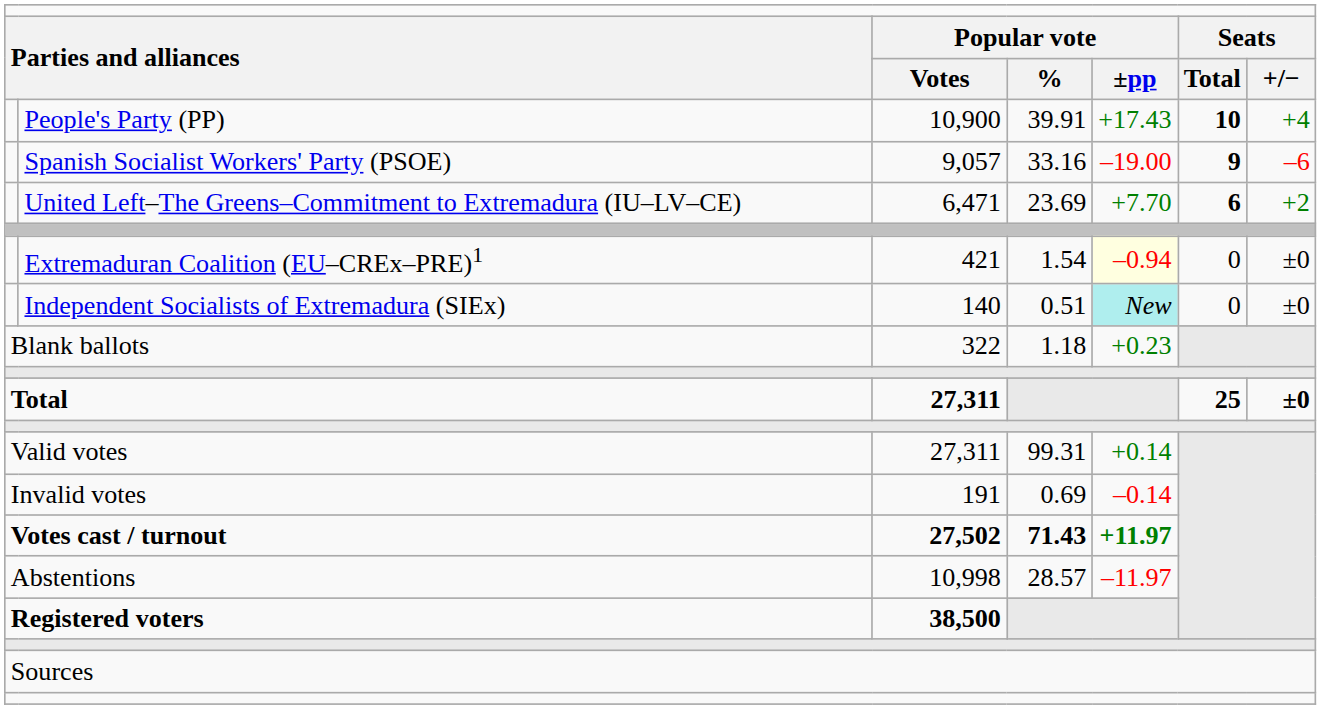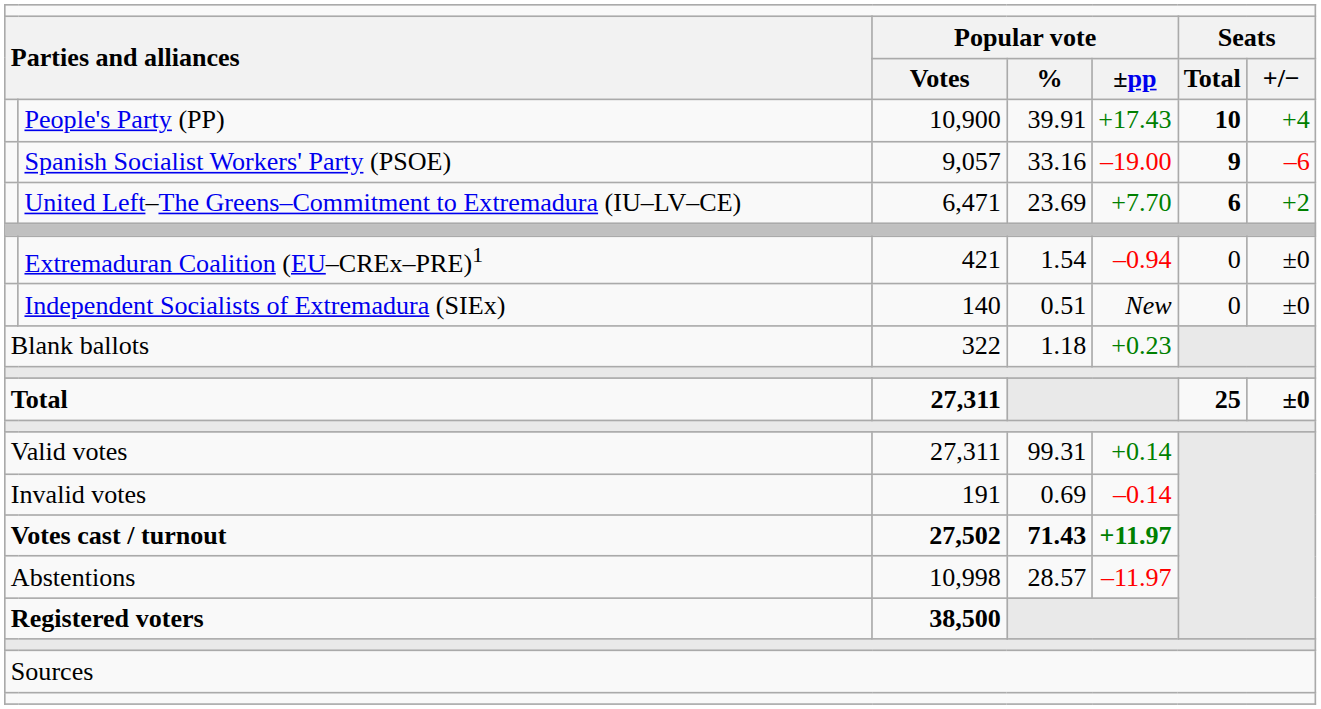 <table class="wikitable" style="text-align:right;">
 <tr>
 <td colspan="7"></td>
 </tr>
 <tr>
 <th style="text-align:left;" rowspan="2" colspan="2" width="525">Parties and alliances</th>
 <th colspan="3">Popular vote</th>
 <th colspan="2">Seats</th>
 </tr>
 <tr>
 <th width="75">Votes</th>
 <th width="45">%</th>
 <th width="45">±<a href='#'>pp</a></th>
 <th width="35">Total</th>
 <th width="35">+/−</th>
 </tr>
 <tr>
 <td width="1" style="color:inherit;background:"></td>
 <td align="left"><a href='#'>People's Party</a> (PP)</td>
 <td>10,900</td>
 <td>39.91</td>
 <td style="color:green;">+17.43</td>
 <td><strong>10</strong></td>
 <td style="color:green;">+4</td>
 </tr>
 <tr>
 <td style="color:inherit;background:"></td>
 <td align="left"><a href='#'>Spanish Socialist Workers' Party</a> (PSOE)</td>
 <td>9,057</td>
 <td>33.16</td>
 <td style="color:red;">–19.00</td>
 <td><strong>9</strong></td>
 <td style="color:red;">–6</td>
 </tr>
 <tr>
 <td style="color:inherit;background:"></td>
 <td align="left"><a href='#'>United Left</a>–<a href='#'>The Greens–Commitment to Extremadura</a> (IU–LV–CE)</td>
 <td>6,471</td>
 <td>23.69</td>
 <td style="color:green;">+7.70</td>
 <td><strong>6</strong></td>
 <td style="color:green;">+2</td>
 </tr>
 <tr>
 <td colspan="7" bgcolor="#C0C0C0"></td>
 </tr>
 <tr>
 <td style="color:inherit;background:"></td>
 <td align="left"><a href='#'>Extremaduran Coalition</a> (<a href='#'>EU</a>–CREx–PRE)<sup>1</sup></td>
 <td>421</td>
 <td>1.54</td>
-<td style="background: lightyellow; color:red;">–0.94</td>
+<td style="color:red;">–0.94</td>
 <td>0</td>
 <td>±0</td>
 </tr>
 <tr>
 <td style="color:inherit;background:"></td>
 <td align="left"><a href='#'>Independent Socialists of Extremadura</a> (SIEx)</td>
 <td>140</td>
 <td>0.51</td>
-<td style="background: paleturquoise;"><em>New</em></td>
+<td><em>New</em></td>
 <td>0</td>
 <td>±0</td>
 </tr>
 <tr>
 <td align="left" colspan="2">Blank ballots</td>
 <td>322</td>
 <td>1.18</td>
 <td style="color:green;">+0.23</td>
 <td bgcolor="#E9E9E9" colspan="2"></td>
 </tr>
 <tr>
 <td colspan="7" bgcolor="#E9E9E9"></td>
 </tr>
 <tr style="font-weight:bold;">
 <td align="left" colspan="2">Total</td>
 <td>27,311</td>
 <td bgcolor="#E9E9E9" colspan="2"></td>
 <td>25</td>
 <td>±0</td>
 </tr>
 <tr>
 <td colspan="7" bgcolor="#E9E9E9"></td>
 </tr>
 <tr>
 <td align="left" colspan="2">Valid votes</td>
 <td>27,311</td>
 <td>99.31</td>
 <td style="color:green;">+0.14</td>
 <td bgcolor="#E9E9E9" colspan="2" rowspan="5"></td>
 </tr>
 <tr>
 <td align="left" colspan="2">Invalid votes</td>
 <td>191</td>
 <td>0.69</td>
 <td style="color:red;">–0.14</td>
 </tr>
 <tr style="font-weight:bold;">
 <td align="left" colspan="2">Votes cast / turnout</td>
 <td>27,502</td>
 <td>71.43</td>
 <td style="color:green;">+11.97</td>
 </tr>
 <tr>
 <td align="left" colspan="2">Abstentions</td>
 <td>10,998</td>
 <td>28.57</td>
 <td style="color:red;">–11.97</td>
 </tr>
 <tr style="font-weight:bold;">
 <td align="left" colspan="2">Registered voters</td>
 <td>38,500</td>
 <td bgcolor="#E9E9E9" colspan="2"></td>
 </tr>
 <tr>
 <td colspan="7" bgcolor="#E9E9E9"></td>
 </tr>
 <tr>
 <td align="left" colspan="7">Sources</td>
 </tr>
 <tr>
 <td colspan="7" style="text-align:left; max-width:790px;"></td>
 </tr>
 </table>
